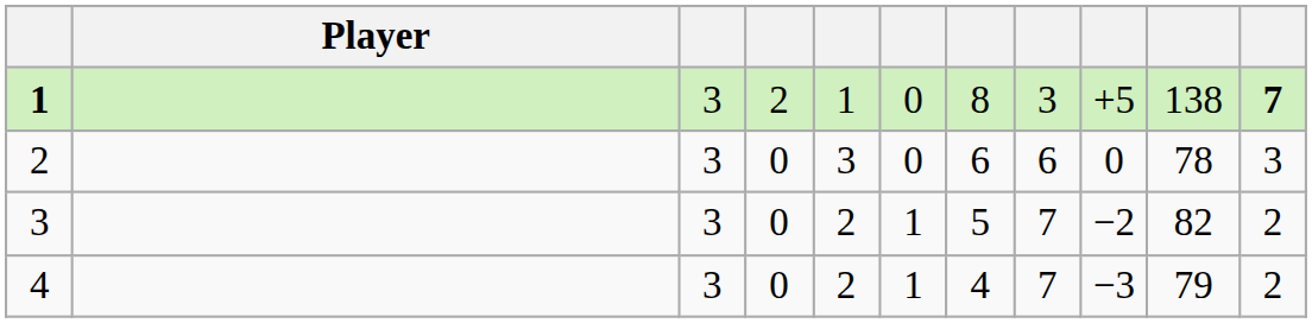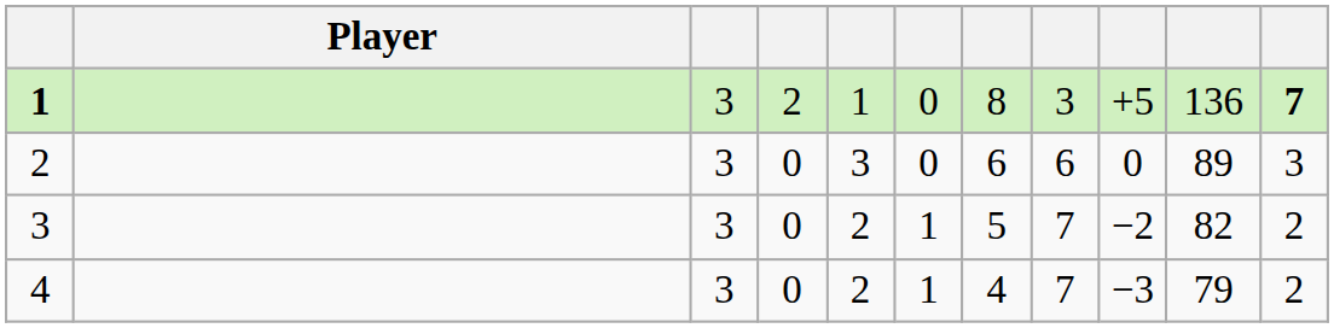 <table class="wikitable" style="text-align:center; margin: 1em auto 1em auto, align:left">
 <tr>
 <th width=20></th>
 <th width=240>Player</th>
 <th width=20></th>
 <th width=20></th>
 <th width=20></th>
 <th width=20></th>
 <th width=20></th>
 <th width=20></th>
 <th width=20></th>
 <th width=30></th>
 <th width=20></th>
 </tr>
 <tr style="background:#D0F0C0;">
 <td><strong>1</strong></td>
 <td align=left></td>
 <td>3</td>
 <td>2</td>
 <td>1</td>
 <td>0</td>
 <td>8</td>
 <td>3</td>
 <td>+5</td>
-<td>138</td>
+<td>136</td>
 <td><strong>7</strong></td>
 </tr>
 <tr style=>
 <td>2</td>
 <td align=left></td>
 <td>3</td>
 <td>0</td>
 <td>3</td>
 <td>0</td>
 <td>6</td>
 <td>6</td>
 <td>0</td>
-<td>78</td>
+<td>89</td>
 <td>3</td>
 </tr>
 <tr style=>
 <td>3</td>
 <td align=left></td>
 <td>3</td>
 <td>0</td>
 <td>2</td>
 <td>1</td>
 <td>5</td>
 <td>7</td>
 <td>−2</td>
 <td>82</td>
 <td>2</td>
 </tr>
 <tr style=>
 <td>4</td>
 <td align=left></td>
 <td>3</td>
 <td>0</td>
 <td>2</td>
 <td>1</td>
 <td>4</td>
 <td>7</td>
 <td>−3</td>
 <td>79</td>
 <td>2</td>
 </tr>
 </table>
